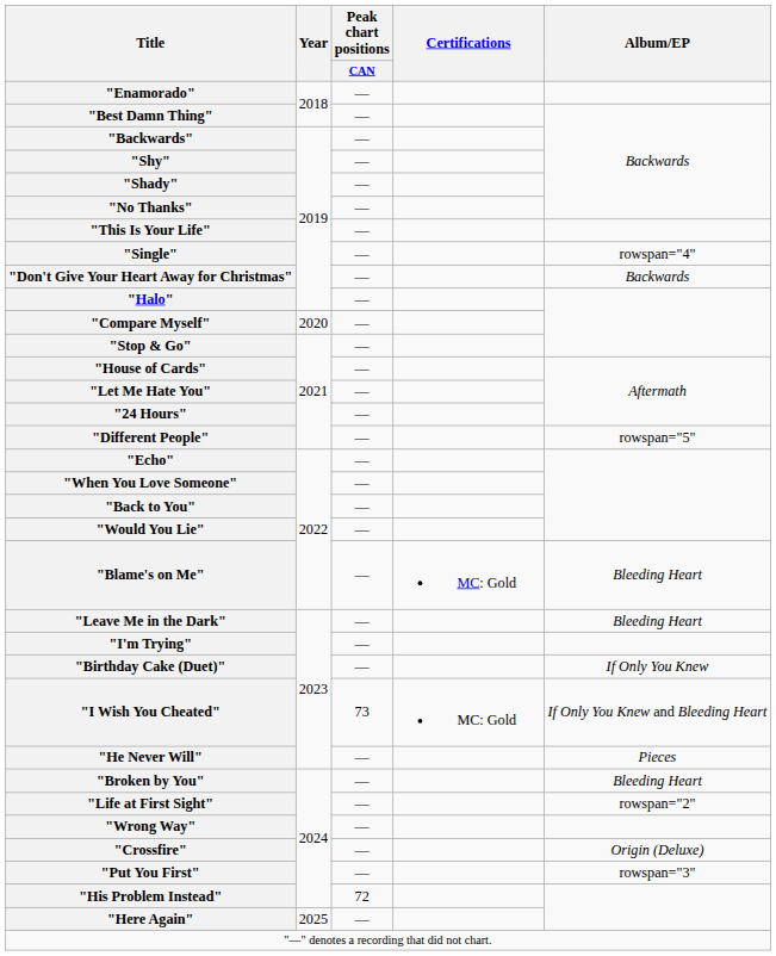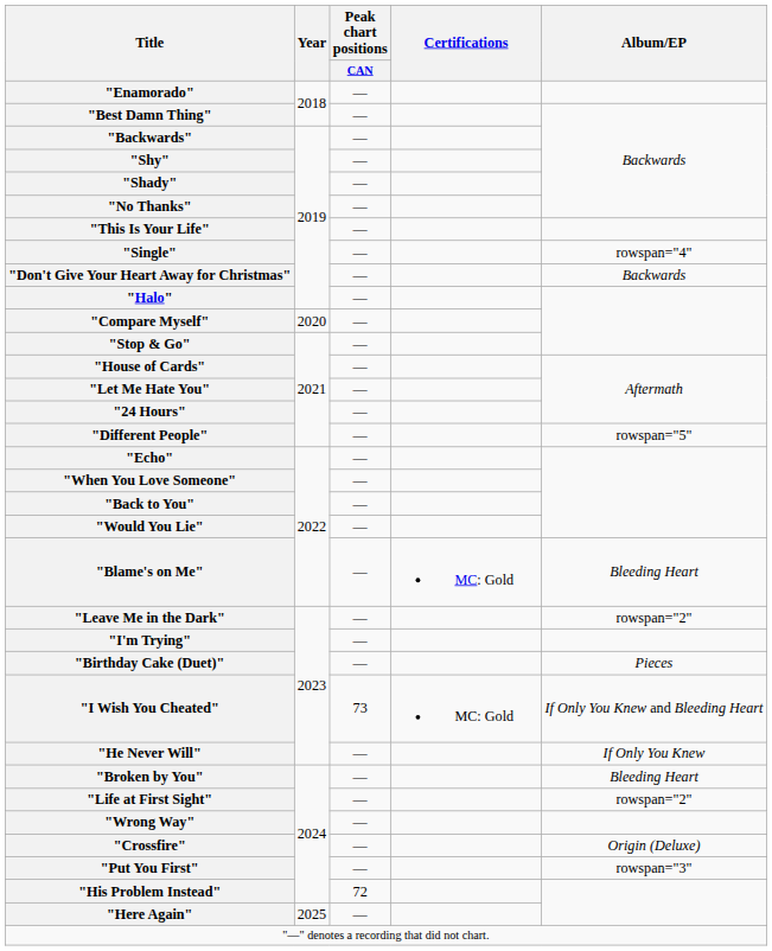 <table class="wikitable plainrowheaders" style="text-align:center;">
 <tr>
 <th scope="col" rowspan="2">Title</th>
 <th scope="col" rowspan="2">Year</th>
 <th scope="col">Peak chart positions</th>
 <th rowspan="2" style="width:10em;"><a href='#'>Certifications</a></th>
 <th scope="col" rowspan="2">Album/EP</th>
 </tr>
 <tr style="font-size:smaller;">
 <th style="width:3.5em;"><a href='#'>CAN</a><br></th>
 </tr>
 <tr>
 <th scope="row">"Enamorado"</th>
 <td rowspan="2">2018</td>
 <td>—</td>
 <td></td>
 <td></td>
 </tr>
 <tr>
 <th scope="row">"Best Damn Thing"</th>
 <td>—</td>
 <td></td>
 <td rowspan="5"><em>Backwards</em></td>
 </tr>
 <tr>
 <th scope="row">"Backwards"</th>
 <td rowspan="8">2019</td>
 <td>—</td>
 <td></td>
 </tr>
 <tr>
 <th scope="row">"Shy"</th>
 <td>—</td>
 <td></td>
 </tr>
 <tr>
 <th scope="row">"Shady"</th>
 <td>—</td>
 <td></td>
 </tr>
 <tr>
 <th scope="row">"No Thanks"</th>
 <td>—</td>
 <td></td>
 </tr>
 <tr>
 <th scope="row">"This Is Your Life"</th>
 <td>—</td>
 <td></td>
 <td></td>
 </tr>
 <tr>
 <th scope="row">"Single"</th>
 <td>—</td>
 <td></td>
 <td>rowspan="4" </td>
 </tr>
 <tr>
 <th scope="row">"Don't Give Your Heart Away for Christmas"</th>
 <td>—</td>
 <td></td>
 <td><em>Backwards</em></td>
 </tr>
 <tr>
 <th scope="row">"<a href='#'>Halo</a>"</th>
 <td>—</td>
 <td></td>
 </tr>
 <tr>
 <th scope="row">"Compare Myself"</th>
 <td>2020</td>
 <td>—</td>
 <td></td>
 </tr>
 <tr>
 <th scope="row">"Stop & Go"<br></th>
 <td rowspan="5">2021</td>
 <td>—</td>
 <td></td>
 </tr>
 <tr>
 <th scope="row">"House of Cards"</th>
 <td>—</td>
 <td></td>
 <td rowspan="3"><em>Aftermath</em></td>
 </tr>
 <tr>
 <th scope="row">"Let Me Hate You"</th>
 <td>—</td>
 <td></td>
 </tr>
 <tr>
 <th scope="row">"24 Hours"</th>
 <td>—</td>
 <td></td>
 </tr>
 <tr>
 <th scope="row">"Different People"<br></th>
 <td>—</td>
 <td></td>
 <td>rowspan="5" </td>
 </tr>
 <tr>
 <th scope="row">"Echo"</th>
 <td rowspan="5">2022</td>
 <td>—</td>
 <td></td>
 </tr>
 <tr>
 <th scope="row">"When You Love Someone"</th>
 <td>—</td>
 <td></td>
 </tr>
 <tr>
 <th scope="row">"Back to You"</th>
 <td>—</td>
 <td></td>
 </tr>
 <tr>
 <th scope="row">"Would You Lie"<br></th>
 <td>—</td>
 <td></td>
 </tr>
 <tr>
 <th scope="row">"Blame's on Me"</th>
 <td>—</td>
 <td><br><ul><li><a href='#'>MC</a>: Gold</li></ul></td>
 <td><em>Bleeding Heart</em></td>
 </tr>
 <tr>
 <th scope="row">"Leave Me in the Dark"</th>
 <td rowspan="5">2023</td>
 <td>—</td>
 <td></td>
-<td><em>Bleeding Heart</em></td>
+<td>rowspan="2" </td>
 </tr>
 <tr>
 <th scope="row">"I'm Trying"</th>
 <td>—</td>
 <td></td>
 </tr>
 <tr>
 <th scope="row">"Birthday Cake (Duet)"<br></th>
 <td>—</td>
 <td></td>
-<td><em>If Only You Knew</em></td>
+<td><em>Pieces</em></td>
 </tr>
 <tr>
 <th scope="row">"I Wish You Cheated"</th>
 <td>73</td>
 <td><br><ul><li>MC: Gold</li></ul></td>
 <td><em>If Only You Knew</em> and <em>Bleeding Heart</em></td>
 </tr>
 <tr>
 <th scope="row">"He Never Will"</th>
 <td>—</td>
 <td></td>
-<td><em>Pieces</em></td>
+<td><em>If Only You Knew</em></td>
 </tr>
 <tr>
 <th scope="row">"Broken by You"</th>
 <td rowspan="6">2024</td>
 <td>—</td>
 <td></td>
 <td><em>Bleeding Heart</em></td>
 </tr>
 <tr>
 <th scope="row">"Life at First Sight"</th>
 <td>—</td>
 <td></td>
 <td>rowspan="2" </td>
 </tr>
 <tr>
 <th scope="row">"Wrong Way"<br></th>
 <td>—</td>
 <td></td>
 </tr>
 <tr>
 <th scope="row">"Crossfire"<br></th>
 <td>—</td>
 <td></td>
 <td><em>Origin (Deluxe)</em></td>
 </tr>
 <tr>
 <th scope="row">"Put You First"</th>
 <td>—</td>
 <td></td>
 <td>rowspan="3" </td>
 </tr>
 <tr>
 <th scope="row">"His Problem Instead"</th>
 <td>72</td>
 <td></td>
 </tr>
 <tr>
 <th scope="row">"Here Again"</th>
 <td rowspan="1">2025</td>
 <td>—</td>
 <td></td>
 </tr>
 <tr>
 <td colspan="8" style="font-size:smaller;">"—" denotes a recording that did not chart.</td>
 </tr>
 </table>
